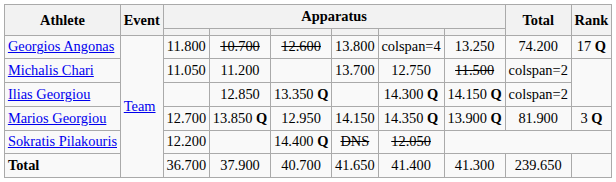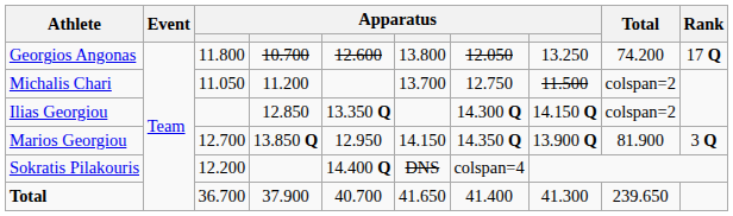 <table class=wikitable style=font-size:90%;text-align:center>
 <tr>
 <th rowspan=2>Athlete</th>
 <th rowspan=2>Event</th>
 <th colspan=6>Apparatus</th>
 <th rowspan=2>Total</th>
 <th rowspan=2>Rank</th>
 </tr>
 <tr style=font-size:95%>
 <th></th>
 <th></th>
 <th></th>
 <th></th>
 <th></th>
 <th></th>
 </tr>
 <tr>
 <td align=left><a href='#'>Georgios Angonas</a></td>
 <td align=left rowspan=6><a href='#'>Team</a></td>
 <td>11.800</td>
 <td><s>10.700</s></td>
 <td><s>12.600</s></td>
 <td>13.800</td>
-<td>colspan=4 </td>
+<td><s>12.050</s></td>
 <td>13.250</td>
 <td>74.200</td>
 <td>17 <strong>Q</strong></td>
 </tr>
 <tr>
 <td align=left><a href='#'>Michalis Chari</a></td>
 <td>11.050</td>
 <td>11.200</td>
 <td></td>
 <td>13.700</td>
 <td>12.750</td>
 <td><s>11.500</s></td>
 <td>colspan=2 </td>
 </tr>
 <tr>
 <td align=left><a href='#'>Ilias Georgiou</a></td>
 <td></td>
 <td>12.850</td>
 <td>13.350 <strong>Q</strong></td>
 <td></td>
 <td>14.300 <strong>Q</strong></td>
 <td>14.150 <strong>Q</strong></td>
 <td>colspan=2 </td>
 </tr>
 <tr>
 <td align=left><a href='#'>Marios Georgiou</a></td>
 <td>12.700</td>
 <td>13.850 <strong>Q</strong></td>
 <td>12.950</td>
 <td>14.150</td>
 <td>14.350 <strong>Q</strong></td>
 <td>13.900 <strong>Q</strong></td>
 <td>81.900</td>
 <td>3 <strong>Q</strong></td>
 </tr>
 <tr>
 <td align=left><a href='#'>Sokratis Pilakouris</a></td>
 <td>12.200</td>
 <td></td>
 <td>14.400 <strong>Q</strong></td>
 <td><s>DNS</s></td>
-<td><s>12.050</s></td>
+<td>colspan=4 </td>
 </tr>
 <tr>
 <td align=left><strong>Total</strong></td>
 <td>36.700</td>
 <td>37.900</td>
 <td>40.700</td>
 <td>41.650</td>
 <td>41.400</td>
 <td>41.300</td>
 <td>239.650</td>
 <td></td>
 </tr>
 </table>
